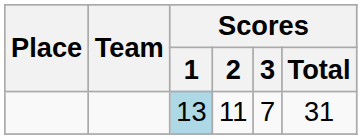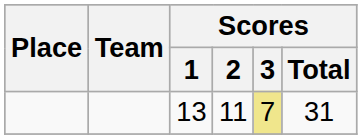 <table class=wikitable style="text-align:center">
 <tr>
 <th rowspan=2>Place</th>
 <th rowspan=2>Team</th>
 <th colspan=4>Scores</th>
 </tr>
 <tr>
 <th>1</th>
 <th>2</th>
 <th>3</th>
 <th>Total</th>
 </tr>
 <tr>
 <td></td>
 <td align=left></td>
-<td style="background: lightblue;">13</td>
+<td>13</td>
 <td>11</td>
-<td>7</td>
+<td style="background: khaki;">7</td>
 <td>31</td>
 </tr>
 </table>
